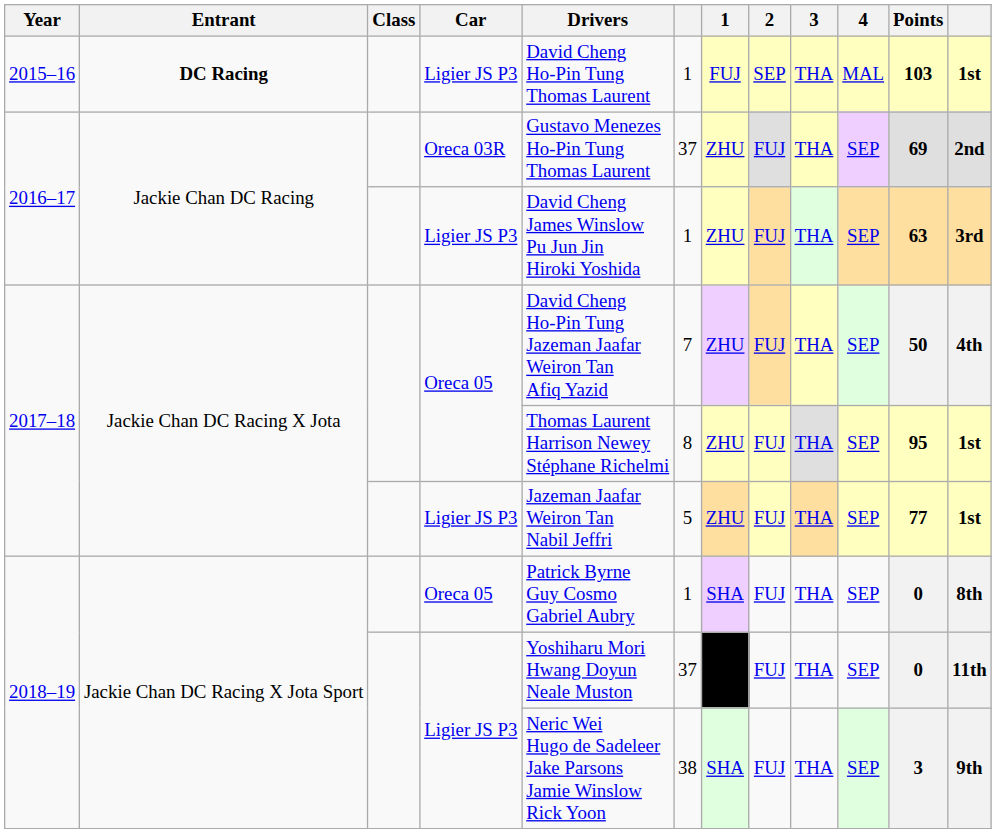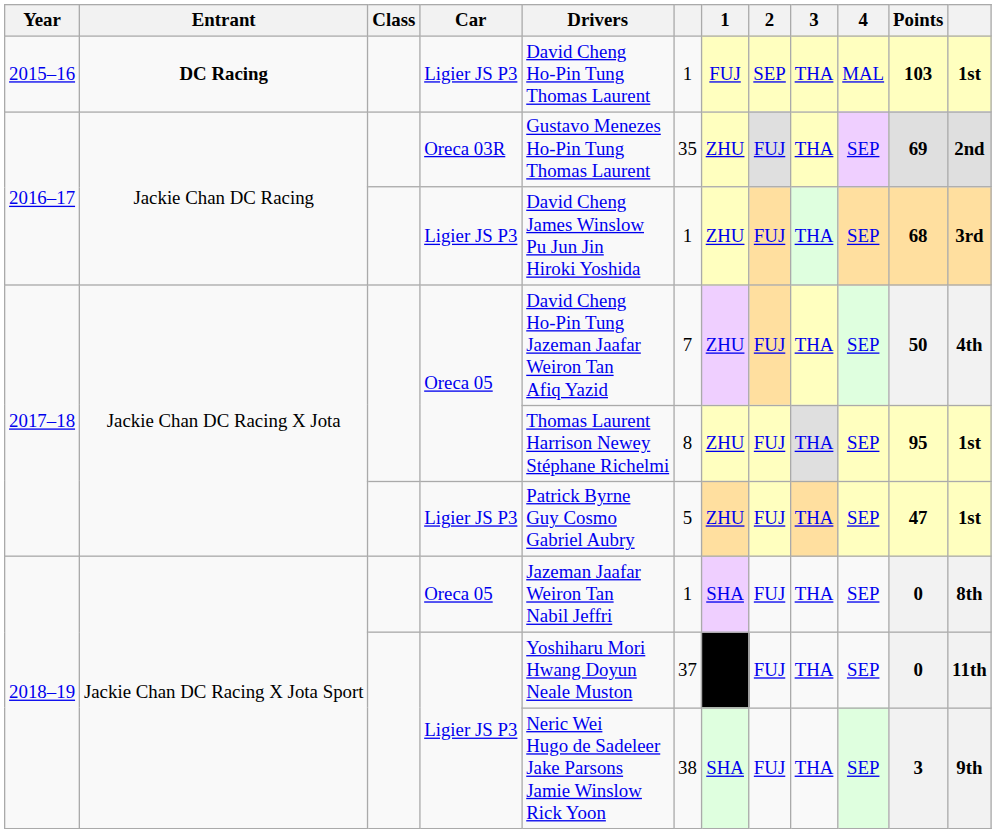 <table class="wikitable" style="text-align:center; font-size:90%">
 <tr>
 <th>Year</th>
 <th>Entrant</th>
 <th>Class</th>
 <th>Car</th>
 <th>Drivers</th>
 <th></th>
 <th>1</th>
 <th>2</th>
 <th>3</th>
 <th>4</th>
 <th>Points</th>
 <th></th>
 </tr>
 <tr>
 <td rowspan="1"><a href='#'>2015–16</a></td>
 <td><strong>DC Racing</strong></td>
 <td></td>
 <td align="left"><a href='#'>Ligier JS P3</a></td>
 <td align="left" style="border-left:0px"> <a href='#'>David Cheng</a><br> <a href='#'>Ho-Pin Tung</a><br> <a href='#'>Thomas Laurent</a></td>
 <td>1</td>
 <td style="background:#FFFFBF;"><a href='#'>FUJ</a><br><strong></strong></td>
 <td style="background:#FFFFBF;"><a href='#'>SEP</a> <br><strong></strong></td>
 <td style="background:#FFFFBF;"><a href='#'>THA</a><br><strong></strong></td>
 <td style="background:#FFFFBF;"><a href='#'>MAL</a><br><strong></strong></td>
 <th style="background:#FFFFBF;">103</th>
 <th style="background:#FFFFBF;">1st</th>
 </tr>
 <tr>
 <td rowspan="2"><a href='#'>2016–17</a></td>
 <td rowspan="2">Jackie Chan DC Racing</td>
 <td></td>
 <td align="left"><a href='#'>Oreca 03R</a></td>
 <td align="left" style="border-left:0px"> <a href='#'>Gustavo Menezes</a><br> <a href='#'>Ho-Pin Tung</a><br> <a href='#'>Thomas Laurent</a></td>
-<td>37</td>
+<td>35</td>
 <td style="background:#FFFFBF;"><a href='#'>ZHU</a><br><strong></strong></td>
 <td style="background:#DFDFDF;"><a href='#'>FUJ</a><br></td>
 <td style="background:#FFFFBF;"><a href='#'>THA</a><br><strong></strong></td>
 <td style="background:#EFCFFF;"><a href='#'>SEP</a><br></td>
 <th style="background:#dfdfdf;">69</th>
 <th style="background:#dfdfdf;">2nd</th>
 </tr>
 <tr>
 <td></td>
 <td align="left"><a href='#'>Ligier JS P3</a></td>
 <td align="left" style="border-left:0px"> <a href='#'>David Cheng</a><br> <a href='#'>James Winslow</a><br> <a href='#'>Pu Jun Jin</a><br> <a href='#'>Hiroki Yoshida</a></td>
 <td>1</td>
 <td style="background:#FFFFBF;"><a href='#'>ZHU</a><br><strong></strong></td>
 <td style="background:#ffdf9f;"><a href='#'>FUJ</a><br></td>
 <td style="background:#DFFFDF;"><a href='#'>THA</a><br></td>
 <td style="background:#ffdf9f;"><a href='#'>SEP</a><br></td>
-<th style="background:#ffdf9f;">63</th>
+<th style="background:#ffdf9f;">68</th>
 <th style="background:#ffdf9f;">3rd</th>
 </tr>
 <tr>
 <td rowspan="3"><a href='#'>2017–18</a></td>
 <td rowspan="3">Jackie Chan DC Racing X Jota</td>
 <td rowspan="2"></td>
 <td rowspan="2" align="left"><a href='#'>Oreca 05</a></td>
 <td align="left" style="border-left:0px"> <a href='#'>David Cheng</a><br> <a href='#'>Ho-Pin Tung</a><br> <a href='#'>Jazeman Jaafar</a><br> <a href='#'>Weiron Tan</a><br> <a href='#'>Afiq Yazid</a></td>
 <td>7</td>
 <td style="background:#EFCFFF;"><a href='#'>ZHU</a><br></td>
 <td style="background:#ffdf9f;"><a href='#'>FUJ</a><br></td>
 <td style="background:#FFFFBF;"><a href='#'>THA</a><br><strong></strong></td>
 <td style="background:#DFFFDF;"><a href='#'>SEP</a><br></td>
 <th>50</th>
 <th>4th</th>
 </tr>
 <tr>
 <td align="left" style="border-left:0px"> <a href='#'>Thomas Laurent</a><br> <a href='#'>Harrison Newey</a><br> <a href='#'>Stéphane Richelmi</a></td>
 <td>8</td>
 <td style="background:#FFFFBF;"><a href='#'>ZHU</a><br><strong></strong></td>
 <td style="background:#FFFFBF;"><a href='#'>FUJ</a><br><strong></strong></td>
 <td style="background:#dfdfdf;"><a href='#'>THA</a><br></td>
 <td style="background:#FFFFBF;"><a href='#'>SEP</a><br><strong></strong></td>
 <th style="background:#FFFFBF;">95</th>
 <th style="background:#FFFFBF;">1st</th>
 </tr>
 <tr>
 <td></td>
 <td align="left"><a href='#'>Ligier JS P3</a></td>
-<td align="left" style="border-left:0px"> <a href='#'>Jazeman Jaafar</a><br> <a href='#'>Weiron Tan</a><br> <a href='#'>Nabil Jeffri</a></td>
+<td align="left" style="border-left:0px"> <a href='#'>Patrick Byrne</a><br> <a href='#'>Guy Cosmo</a><br> <a href='#'>Gabriel Aubry</a></td>
 <td>5</td>
 <td style="background:#ffdf9f;"><a href='#'>ZHU</a><br></td>
 <td style="background:#FFFFBF;"><a href='#'>FUJ</a><br><strong></strong></td>
 <td style="background:#ffdf9f;"><a href='#'>THA</a><br></td>
 <td style="background:#FFFFBF;"><a href='#'>SEP</a><br><strong></strong></td>
-<th style="background:#FFFFBF;">77</th>
+<th style="background:#FFFFBF;">47</th>
 <th style="background:#FFFFBF;">1st</th>
 </tr>
 <tr>
 <td rowspan="3"><a href='#'>2018–19</a></td>
 <td rowspan="3">Jackie Chan DC Racing X Jota Sport</td>
 <td></td>
 <td align="left"><a href='#'>Oreca 05</a></td>
-<td align="left" style="border-left:0px"> <a href='#'>Patrick Byrne</a><br> <a href='#'>Guy Cosmo</a><br> <a href='#'>Gabriel Aubry</a></td>
+<td align="left" style="border-left:0px"> <a href='#'>Jazeman Jaafar</a><br> <a href='#'>Weiron Tan</a><br> <a href='#'>Nabil Jeffri</a></td>
 <td>1</td>
 <td style="background:#EFCFFF;"><a href='#'>SHA</a><br></td>
 <td><a href='#'>FUJ</a></td>
 <td><a href='#'>THA</a></td>
 <td><a href='#'>SEP</a></td>
 <th>0</th>
 <th>8th</th>
 </tr>
 <tr>
 <td rowspan="2"></td>
 <td rowspan="2" align="left"><a href='#'>Ligier JS P3</a></td>
 <td align="left" style="border-left:0px"> <a href='#'>Yoshiharu Mori</a><br> <a href='#'>Hwang Doyun</a><br> <a href='#'>Neale Muston</a></td>
 <td>37</td>
 <td style="background-color:#000000;"><br></td>
 <td><a href='#'>FUJ</a></td>
 <td><a href='#'>THA</a></td>
 <td><a href='#'>SEP</a></td>
 <th>0</th>
 <th>11th</th>
 </tr>
 <tr>
 <td align="left" style="border-left:0px"> <a href='#'>Neric Wei</a><br> <a href='#'>Hugo de Sadeleer</a><br> <a href='#'>Jake Parsons</a><br> <a href='#'>Jamie Winslow</a><br> <a href='#'>Rick Yoon</a></td>
 <td>38</td>
 <td style="background:#DFFFDF;"><a href='#'>SHA</a><br></td>
 <td><a href='#'>FUJ</a></td>
 <td><a href='#'>THA</a></td>
 <td style="background:#DFFFDF;"><a href='#'>SEP</a><br></td>
 <th>3</th>
 <th>9th</th>
 </tr>
 </table>
